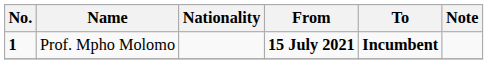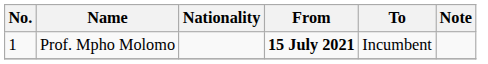 <table class="wikitable" style="font-size:90%; text-align:left;">
 <tr>
 <th>No.</th>
 <th>Name</th>
 <th>Nationality</th>
 <th>From</th>
 <th>To</th>
 <th>Note</th>
 </tr>
 <tr>
-<td><strong>1</strong></td>
+<td>1</td>
 <td>Prof. Mpho Molomo</td>
 <td></td>
 <td><strong>15 July 2021</strong></td>
-<td><strong>Incumbent</strong></td>
+<td>Incumbent</td>
 <td></td>
 </tr>
 <tr>
 </tr>
 </table>
